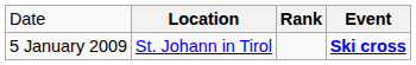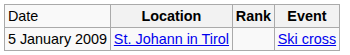 <table class="wikitable sortable" style="font-size:90%" style="text-align:center">
 <tr>
 <td>Date</td>
 <th>Location</th>
 <th>Rank</th>
 <th>Event</th>
 </tr>
 <tr>
 <td>5 January 2009</td>
 <td><a href='#'>St. Johann in Tirol</a></td>
 <td></td>
-<td><strong><a href='#'>Ski cross</a></strong></td>
+<td><a href='#'>Ski cross</a></td>
 </tr>
 </table>
